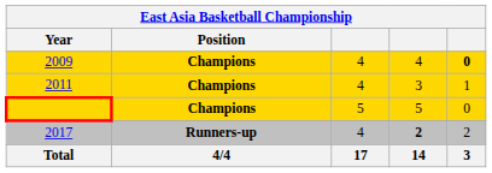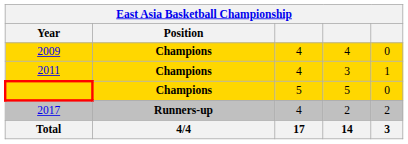 <table class="wikitable" width=80% style="text-align: center;font-size:90%;">
 <tr>
 <th colspan=6><a href='#'>East Asia Basketball Championship</a></th>
 </tr>
 <tr>
 <th>Year</th>
 <th>Position</th>
 <th></th>
 <th></th>
 <th></th>
 </tr>
 <tr bgcolor=gold>
 <td> <a href='#'>2009</a></td>
 <td><strong>Champions</strong></td>
 <td>4</td>
 <td>4</td>
-<td><strong>0</strong></td>
+<td>0</td>
 </tr>
 <tr bgcolor=gold>
 <td> <a href='#'>2011</a></td>
 <td><strong>Champions</strong></td>
 <td>4</td>
 <td>3</td>
 <td>1</td>
 </tr>
 <tr bgcolor=gold>
 <td style="border: 3px solid red"></td>
 <td><strong>Champions</strong></td>
 <td>5</td>
 <td>5</td>
 <td>0</td>
 </tr>
 <tr bgcolor=silver>
 <td> <a href='#'>2017</a></td>
 <td><strong>Runners-up</strong></td>
 <td>4</td>
-<td><strong>2</strong></td>
+<td>2</td>
 <td>2</td>
 </tr>
 <tr>
 <th>Total</th>
 <th>4/4</th>
 <th>17</th>
 <th>14</th>
 <th>3</th>
 </tr>
 </table>
